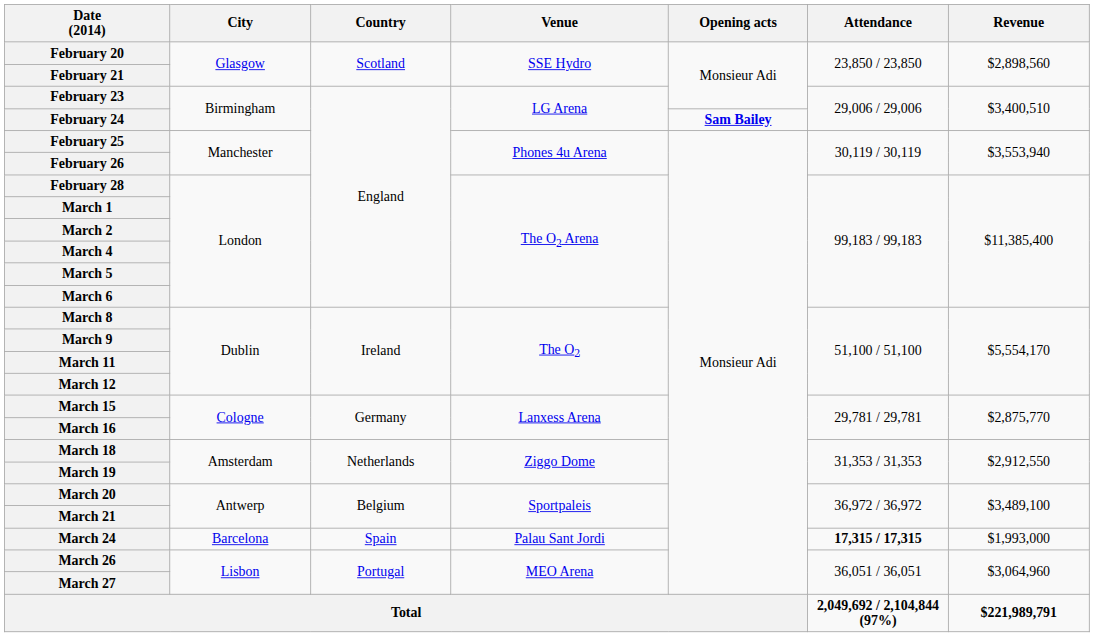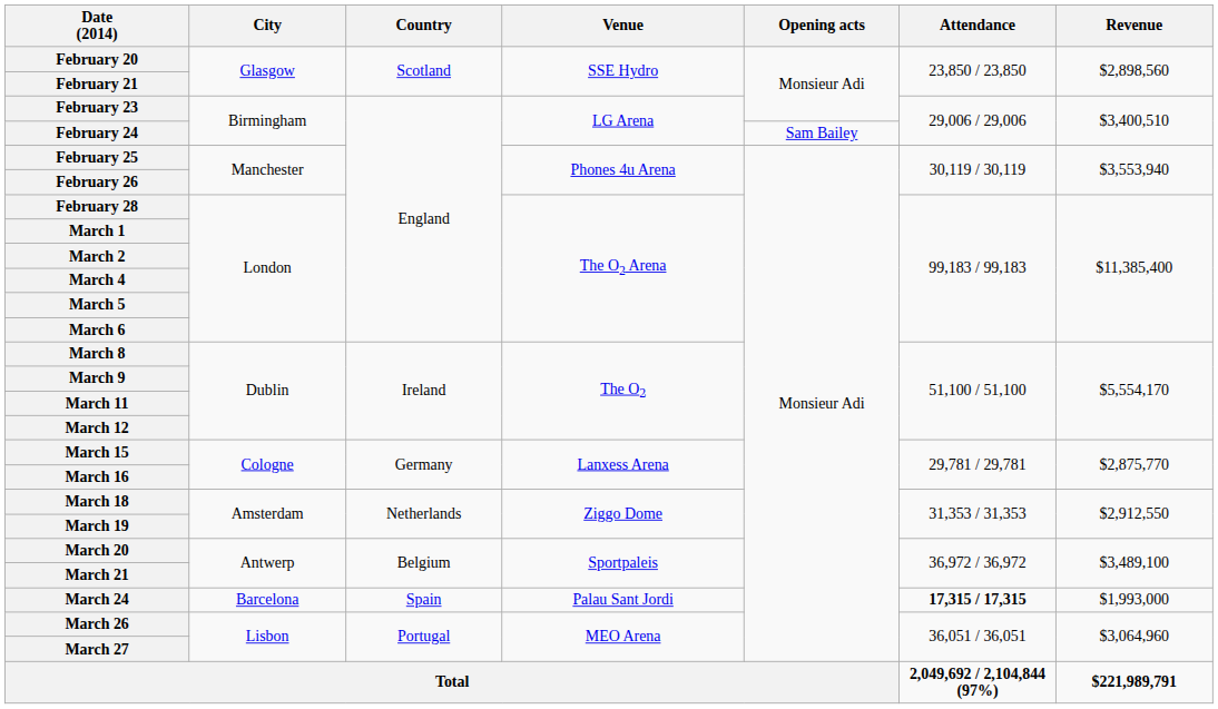 <table class="wikitable plainrowheaders" style="text-align:center;">
 <tr>
 <th scope="col" style="width:12em;">Date<br>(2014)</th>
 <th scope="col" style="width:10em;">City</th>
 <th scope="col" style="width:10em;">Country</th>
 <th scope="col" style="width:16em;">Venue</th>
 <th scope="col" style="width:10em;">Opening acts</th>
 <th scope="col" style="width:10em;">Attendance</th>
 <th scope="col" style="width:10em;">Revenue</th>
 </tr>
 <tr>
 <th scope="row">February 20</th>
 <td rowspan="2"><a href='#'>Glasgow</a></td>
 <td rowspan="2"><a href='#'>Scotland</a></td>
 <td rowspan="2"><a href='#'>SSE Hydro</a></td>
 <td rowspan="3">Monsieur Adi</td>
 <td rowspan="2">23,850 / 23,850</td>
 <td rowspan="2">$2,898,560</td>
 </tr>
 <tr>
 <th scope="row">February 21</th>
 </tr>
 <tr>
 <th scope="row">February 23</th>
 <td rowspan="2">Birmingham</td>
 <td rowspan="10">England</td>
 <td rowspan="2"><a href='#'>LG Arena</a></td>
 <td rowspan="2">29,006 / 29,006</td>
 <td rowspan="2">$3,400,510</td>
 </tr>
 <tr>
 <th scope="row">February 24</th>
-<td><strong><a href='#'>Sam Bailey</a></strong></td>
+<td><a href='#'>Sam Bailey</a></td>
 </tr>
 <tr>
 <th scope="row">February 25</th>
 <td rowspan="2">Manchester</td>
 <td rowspan="2"><a href='#'>Phones 4u Arena</a></td>
 <td rowspan="21">Monsieur Adi</td>
 <td rowspan="2">30,119 / 30,119</td>
 <td rowspan="2">$3,553,940</td>
 </tr>
 <tr>
 <th scope="row">February 26</th>
 </tr>
 <tr>
 <th scope="row">February 28</th>
 <td rowspan="6">London</td>
 <td rowspan="6"><a href='#'>The O<sub>2</sub> Arena</a></td>
 <td rowspan="6">99,183 / 99,183</td>
 <td rowspan="6">$11,385,400</td>
 </tr>
 <tr>
 <th scope="row">March 1</th>
 </tr>
 <tr>
 <th scope="row">March 2</th>
 </tr>
 <tr>
 <th scope="row">March 4</th>
 </tr>
 <tr>
 <th scope="row">March 5</th>
 </tr>
 <tr>
 <th scope="row">March 6</th>
 </tr>
 <tr>
 <th scope="row">March 8</th>
 <td rowspan="4">Dublin</td>
 <td rowspan="4">Ireland</td>
 <td rowspan="4"><a href='#'>The O<sub>2</sub></a></td>
 <td rowspan="4">51,100 / 51,100</td>
 <td rowspan="4">$5,554,170</td>
 </tr>
 <tr>
 <th scope="row">March 9</th>
 </tr>
 <tr>
 <th scope="row">March 11</th>
 </tr>
 <tr>
 <th scope="row">March 12</th>
 </tr>
 <tr>
 <th scope="row">March 15</th>
 <td rowspan="2"><a href='#'>Cologne</a></td>
 <td rowspan="2">Germany</td>
 <td rowspan="2"><a href='#'>Lanxess Arena</a></td>
 <td rowspan="2">29,781 / 29,781</td>
 <td rowspan="2">$2,875,770</td>
 </tr>
 <tr>
 <th scope="row">March 16</th>
 </tr>
 <tr>
 <th scope="row">March 18</th>
 <td rowspan="2">Amsterdam</td>
 <td rowspan="2">Netherlands</td>
 <td rowspan="2"><a href='#'>Ziggo Dome</a></td>
 <td rowspan="2">31,353 / 31,353</td>
 <td rowspan="2">$2,912,550</td>
 </tr>
 <tr>
 <th scope="row">March 19</th>
 </tr>
 <tr>
 <th scope="row">March 20</th>
 <td rowspan="2">Antwerp</td>
 <td rowspan="2">Belgium</td>
 <td rowspan="2"><a href='#'>Sportpaleis</a></td>
 <td rowspan="2">36,972 / 36,972</td>
 <td rowspan="2">$3,489,100</td>
 </tr>
 <tr>
 <th scope="row">March 21</th>
 </tr>
 <tr>
 <th scope="row">March 24</th>
 <td><a href='#'>Barcelona</a></td>
 <td><a href='#'>Spain</a></td>
 <td><a href='#'>Palau Sant Jordi</a></td>
 <td><strong>17,315 / 17,315</strong></td>
 <td>$1,993,000</td>
 </tr>
 <tr>
 <th scope="row">March 26</th>
 <td rowspan="2"><a href='#'>Lisbon</a></td>
 <td rowspan="2"><a href='#'>Portugal</a></td>
 <td rowspan="2"><a href='#'>MEO Arena</a></td>
 <td rowspan="2">36,051 / 36,051</td>
 <td rowspan="2">$3,064,960</td>
 </tr>
 <tr>
 <th scope="row">March 27</th>
 </tr>
 <tr>
 <th colspan="5">Total</th>
 <td><strong>2,049,692 / 2,104,844 (97%)</strong></td>
 <td><strong>$221,989,791</strong></td>
 </tr>
 </table>
